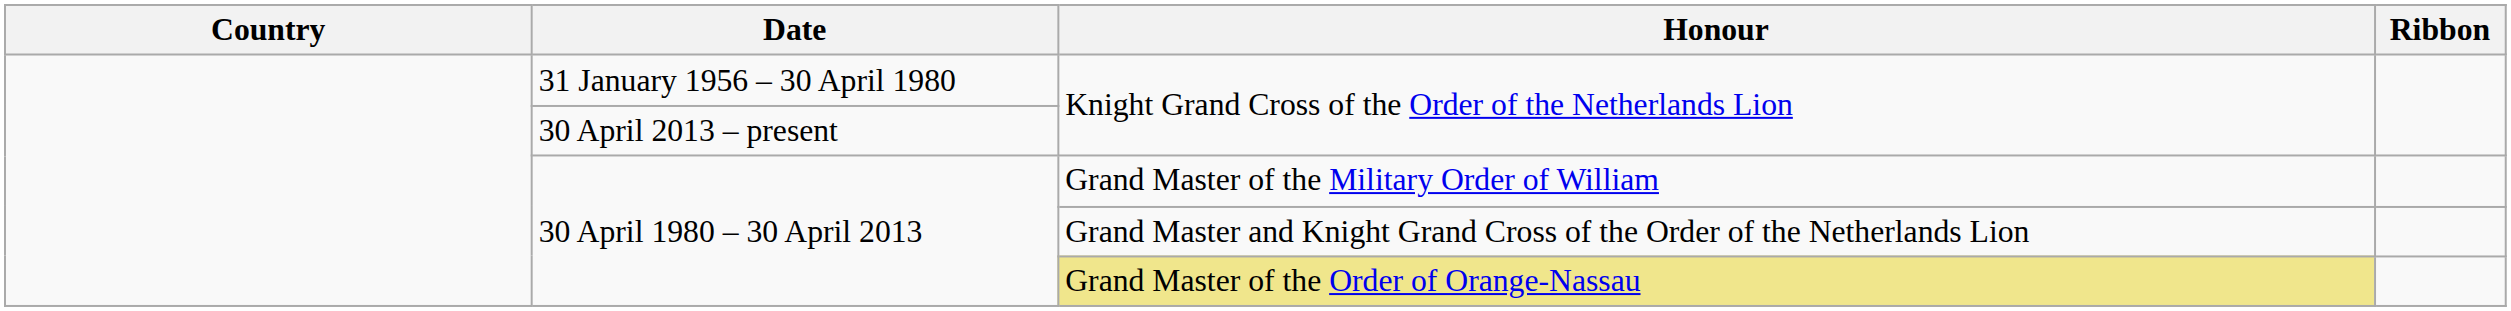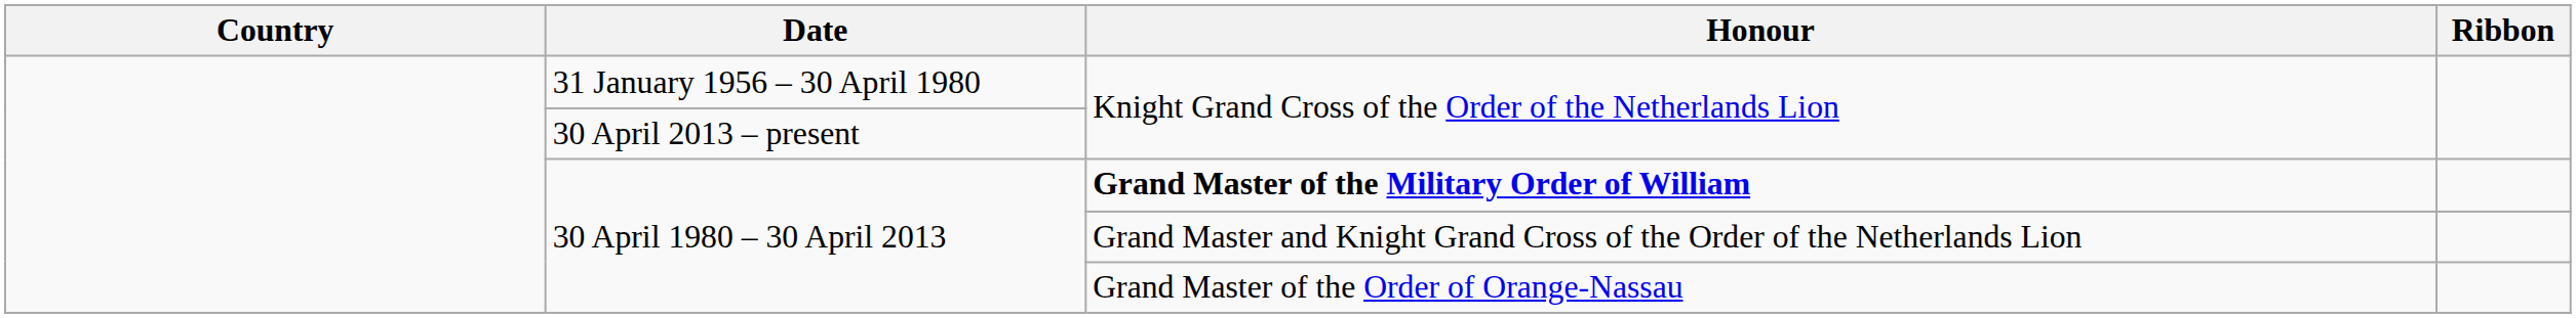 <table class="wikitable sortable plainrowheaders" width="100%" style="margin:0.5em 1em 0.5em 0; border:1px solid #005566; border-collapse:collapse;">
 <tr>
 <th width="20%"><span>Country</span></th>
 <th width="20%"><span>Date</span></th>
 <th width="50%"><span>Honour</span></th>
 <th width="5%"><span>Ribbon</span></th>
 </tr>
 <tr>
 <td rowspan="6"></td>
 <td>31 January 1956 – 30 April 1980</td>
 <td rowspan="2">Knight Grand Cross of the <a href='#'>Order of the Netherlands Lion</a></td>
 <td rowspan="2"></td>
 </tr>
 <tr>
 <td>30 April 2013 – present</td>
 </tr>
 <tr>
 <td rowspan="3">30 April 1980 – 30 April 2013</td>
-<td>Grand Master of the <a href='#'>Military Order of William</a></td>
+<td><strong>Grand Master of the <a href='#'>Military Order of William</a></strong></td>
 <td></td>
 </tr>
 <tr>
 <td>Grand Master and Knight Grand Cross of the Order of the Netherlands Lion</td>
 <td></td>
 </tr>
 <tr>
-<td style="background: khaki;">Grand Master of the <a href='#'>Order of Orange-Nassau</a></td>
+<td>Grand Master of the <a href='#'>Order of Orange-Nassau</a></td>
 <td></td>
 </tr>
 </table>
